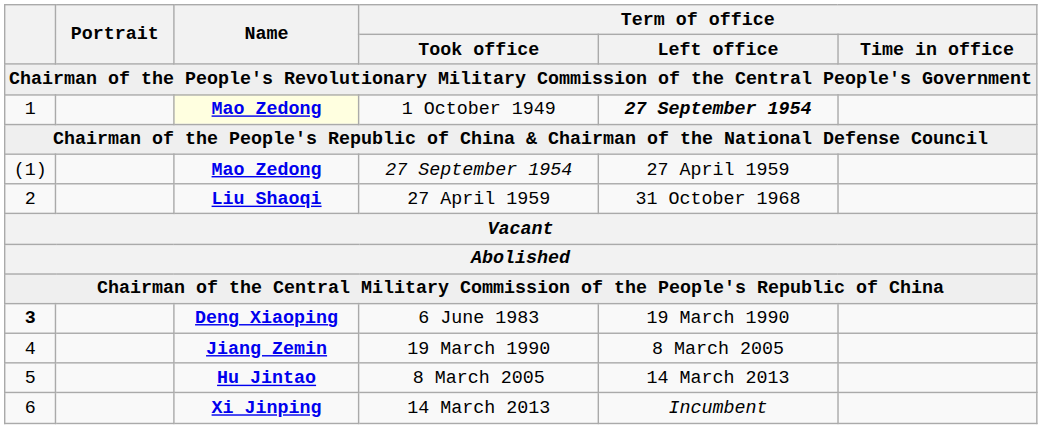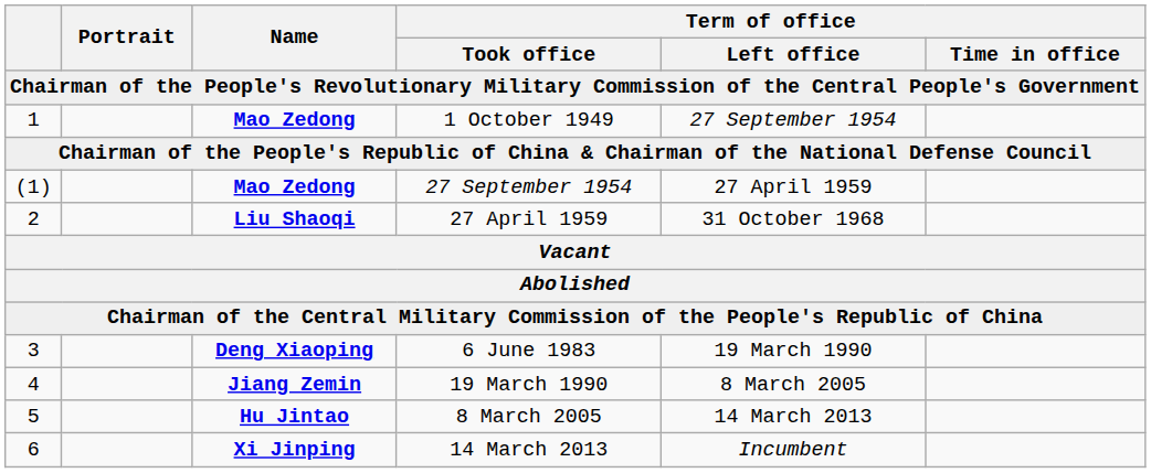 <table class="wikitable" style="text-align:center">
 <tr>
 <th rowspan=2></th>
 <th rowspan=2>Portrait</th>
 <th rowspan=2>Name<br></th>
 <th colspan=3>Term of office</th>
 </tr>
 <tr>
 <th>Took office</th>
 <th>Left office</th>
 <th>Time in office</th>
 </tr>
 <tr style="background:#efefef;">
 <td colspan=6><strong>Chairman of the People's Revolutionary Military Commission of the Central People's Government</strong></td>
 </tr>
 <tr>
 <td>1</td>
 <td></td>
-<td style="background: lightyellow;"><strong><a href='#'>Mao Zedong</a></strong><br></td>
+<td><strong><a href='#'>Mao Zedong</a></strong><br></td>
 <td>1 October 1949</td>
-<td><strong><em>27 September 1954</em></strong></td>
+<td><em>27 September 1954</em></td>
 <td></td>
 </tr>
 <tr style="background:#efefef;">
 <td colspan=6><strong>Chairman of the People's Republic of China & Chairman of the National Defense Council</strong></td>
 </tr>
 <tr>
 <td>(1)</td>
 <td></td>
 <td><strong><a href='#'>Mao Zedong</a></strong><br></td>
 <td><em>27 September 1954</em></td>
 <td>27 April 1959</td>
 <td></td>
 </tr>
 <tr>
 <td>2</td>
 <td></td>
 <td><strong><a href='#'>Liu Shaoqi</a></strong><br></td>
 <td>27 April 1959</td>
 <td>31 October 1968</td>
 <td></td>
 </tr>
 <tr>
 <th colspan=6><em>Vacant<br></em></th>
 </tr>
 <tr>
 <th colspan=6><em>Abolished<br></em></th>
 </tr>
 <tr style="background:#efefef;">
 <td colspan=6><strong>Chairman of the Central Military Commission of the People's Republic of China</strong></td>
 </tr>
 <tr>
-<td><strong>3</strong></td>
+<td>3</td>
 <td></td>
 <td><strong><a href='#'>Deng Xiaoping</a></strong><br></td>
 <td>6 June 1983</td>
 <td>19 March 1990</td>
 <td></td>
 </tr>
 <tr>
 <td>4</td>
 <td></td>
 <td><strong><a href='#'>Jiang Zemin</a></strong><br></td>
 <td>19 March 1990</td>
 <td>8 March 2005</td>
 <td></td>
 </tr>
 <tr>
 <td>5</td>
 <td></td>
 <td><strong><a href='#'>Hu Jintao</a></strong><br></td>
 <td>8 March 2005</td>
 <td>14 March 2013</td>
 <td></td>
 </tr>
 <tr>
 <td>6</td>
 <td></td>
 <td><strong><a href='#'>Xi Jinping</a></strong><br></td>
 <td>14 March 2013</td>
 <td><em>Incumbent</em></td>
 <td></td>
 </tr>
 </table>
